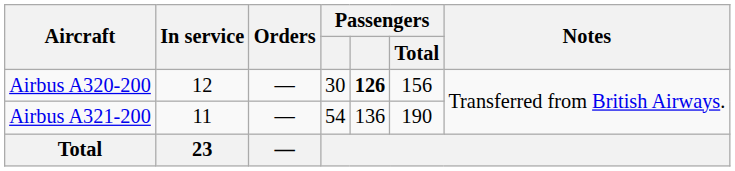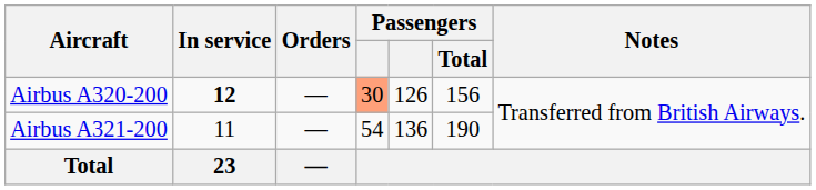 <table class="wikitable" style="text-align:center; margin:auto;">
 <tr>
 <th rowspan=2>Aircraft</th>
 <th rowspan=2>In service</th>
 <th rowspan=2>Orders</th>
 <th colspan=3>Passengers</th>
 <th rowspan=2>Notes</th>
 </tr>
 <tr>
 <th></th>
 <th></th>
 <th>Total</th>
 </tr>
 <tr>
 <td><a href='#'>Airbus A320-200</a></td>
-<td>12</td>
+<td><strong>12</strong></td>
 <td>—</td>
-<td>30</td>
-<td><strong>126</strong></td>
+<td style="background: lightsalmon;">30</td>
+<td>126</td>
 <td>156</td>
 <td rowspan="2">Transferred from <a href='#'>British Airways</a>.</td>
 </tr>
 <tr>
 <td><a href='#'>Airbus A321-200</a></td>
 <td>11</td>
 <td>—</td>
 <td>54</td>
 <td>136</td>
 <td>190</td>
 </tr>
 <tr>
 <th>Total</th>
 <th>23</th>
 <th>—</th>
 <th colspan="4"></th>
 </tr>
 </table>
